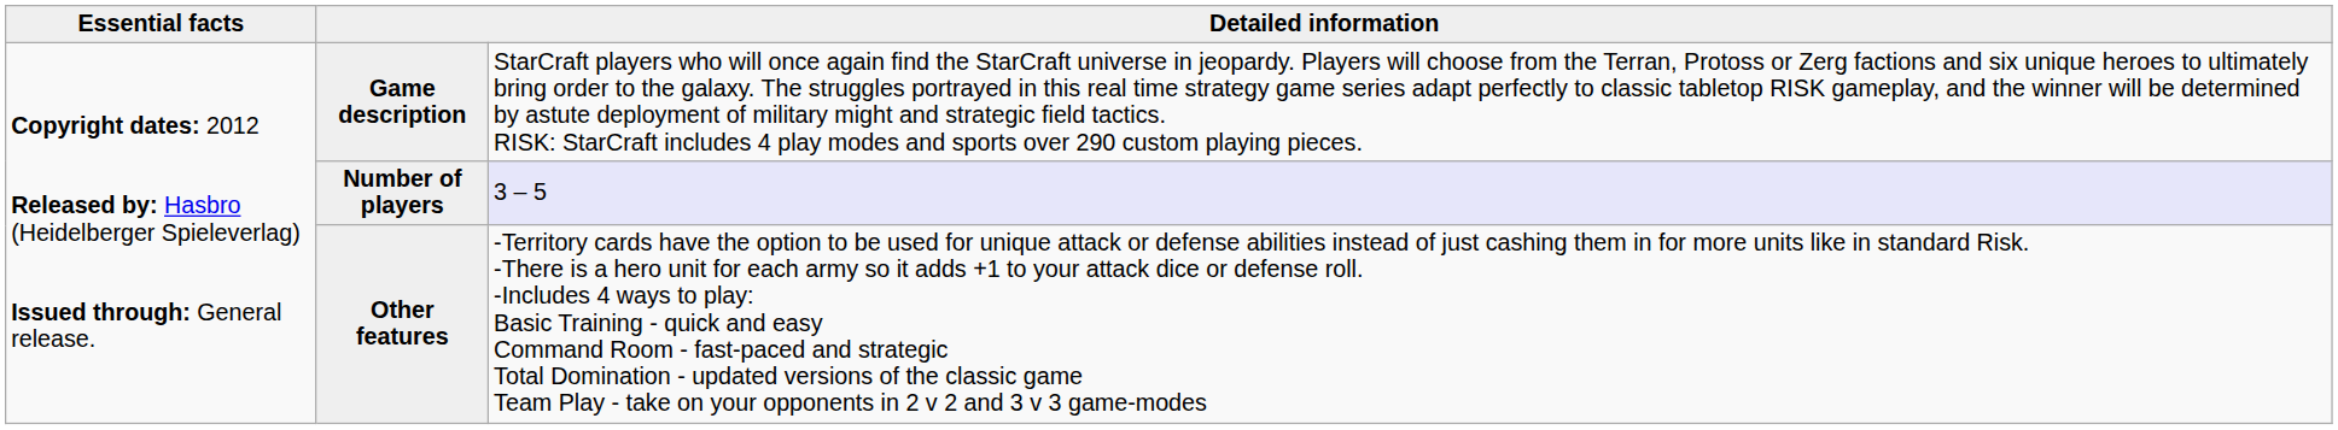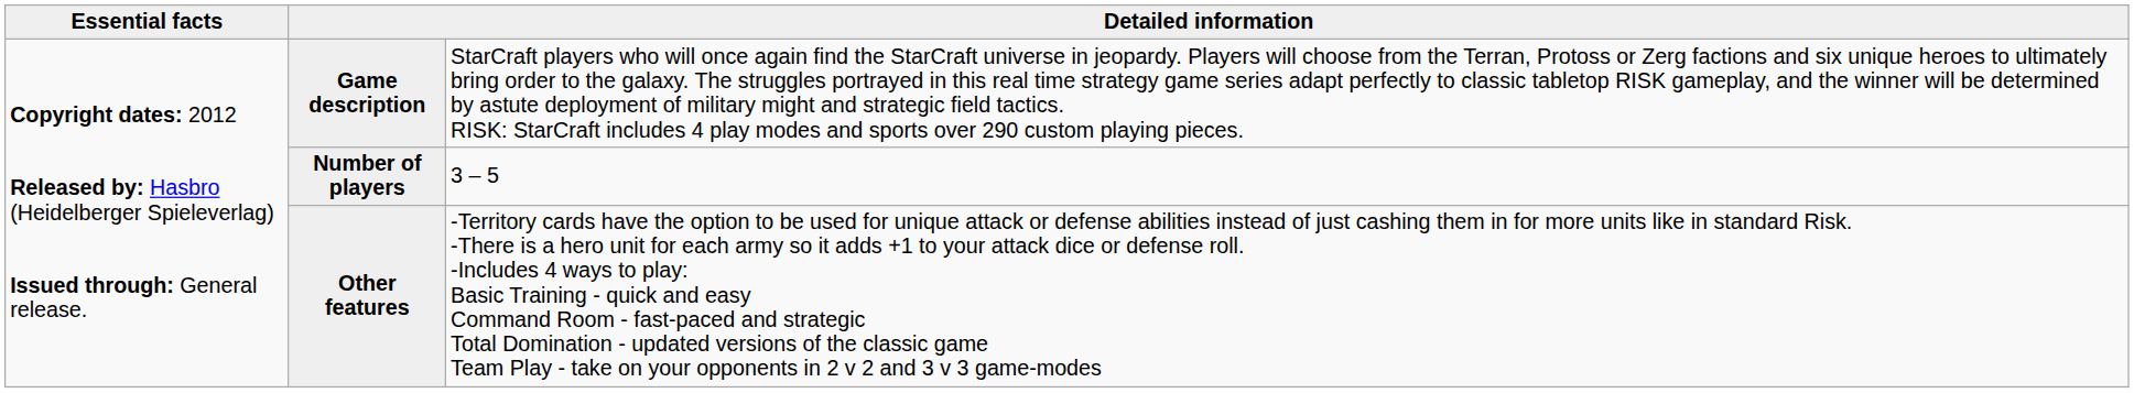 <table class="wikitable">
 <tr>
 <th style="background:#efefef;">Essential facts</th>
 <th colspan="2" style="background:#efefef;">Detailed information</th>
 </tr>
 <tr>
 <td rowspan="3"><strong>Copyright dates:</strong> 2012<br><br><br> <strong>Released by:</strong> <a href='#'>Hasbro</a> (Heidelberger Spieleverlag) <br><br><br> <strong>Issued through:</strong> General release.</td>
 <th style="background:#efefef;">Game description</th>
 <td>StarCraft players who will once again find the StarCraft universe in jeopardy. Players will choose from the Terran, Protoss or Zerg factions and six unique heroes to ultimately bring order to the galaxy. The struggles portrayed in this real time strategy game series adapt perfectly to classic tabletop RISK gameplay, and the winner will be determined by astute deployment of military might and strategic field tactics.<br>RISK: StarCraft includes 4 play modes and sports over 290 custom playing pieces.</td>
 </tr>
 <tr>
 <th style="background:#efefef;">Number of players</th>
-<td style="background: lavender;">3 – 5</td>
+<td>3 – 5</td>
 </tr>
 <tr>
 <th style="background:#efefef;">Other features</th>
 <td>-Territory cards have the option to be used for unique attack or defense abilities instead of just cashing them in for more units like in standard Risk.<br>-There is a hero unit for each army so it adds +1 to your attack dice or defense roll.<br>-Includes 4 ways to play:<br>Basic Training - quick and easy<br>Command Room - fast-paced and strategic<br>Total Domination - updated versions of the classic game<br>Team Play - take on your opponents in 2 v 2 and 3 v 3 game-modes</td>
 </tr>
 </table>
